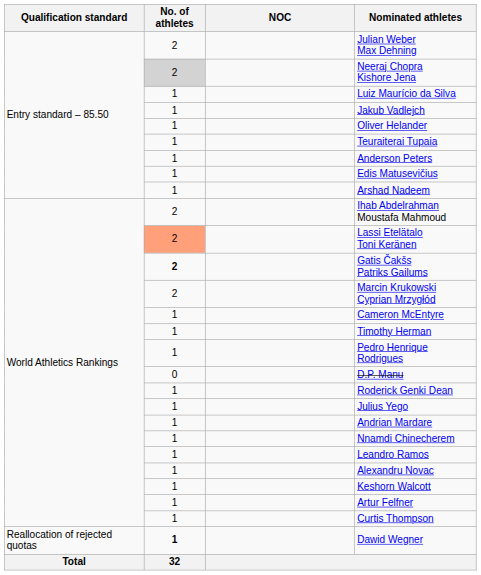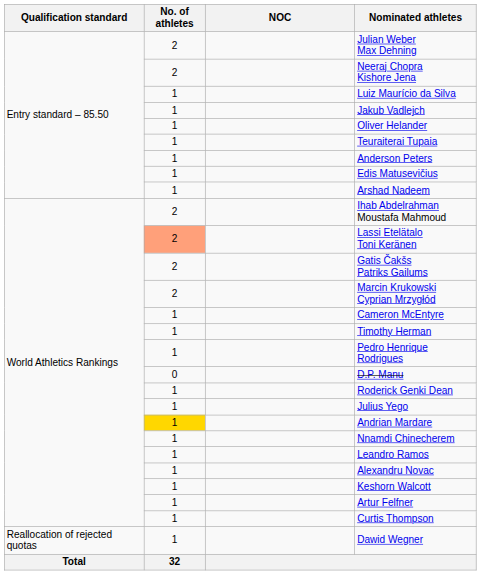 <table class="wikitable sortable" style="text-align:left; width:750px;">
 <tr>
 <th>Qualification standard</th>
 <th width=90>No. of athletes</th>
 <th width=230>NOC</th>
 <th>Nominated athletes</th>
 </tr>
 <tr>
 <td rowspan=9>Entry standard – 85.50</td>
 <td align=center>2</td>
 <td></td>
 <td><a href='#'>Julian Weber</a><br><a href='#'>Max Dehning</a></td>
 </tr>
 <tr>
-<td align=center style="background: lightgrey;">2</td>
+<td align=center>2</td>
 <td></td>
 <td><a href='#'>Neeraj Chopra</a><br><a href='#'>Kishore Jena</a></td>
 </tr>
 <tr>
 <td align=center>1</td>
 <td></td>
 <td><a href='#'>Luiz Maurício da Silva</a></td>
 </tr>
 <tr>
 <td align=center>1</td>
 <td></td>
 <td><a href='#'>Jakub Vadlejch</a></td>
 </tr>
 <tr>
 <td align=center>1</td>
 <td></td>
 <td><a href='#'>Oliver Helander</a></td>
 </tr>
 <tr>
 <td align=center>1</td>
 <td></td>
 <td><a href='#'>Teuraiterai Tupaia</a></td>
 </tr>
 <tr>
 <td align=center>1</td>
 <td></td>
 <td><a href='#'>Anderson Peters</a></td>
 </tr>
 <tr>
 <td align=center>1</td>
 <td></td>
 <td><a href='#'>Edis Matusevičius</a></td>
 </tr>
 <tr>
 <td align=center>1</td>
 <td></td>
 <td><a href='#'>Arshad Nadeem</a></td>
 </tr>
 <tr>
 <td rowspan=17>World Athletics Rankings</td>
 <td align=center>2</td>
 <td></td>
 <td><a href='#'>Ihab Abdelrahman</a><br>Moustafa Mahmoud</td>
 </tr>
 <tr>
 <td align=center style="background: lightsalmon;">2</td>
 <td></td>
 <td><a href='#'>Lassi Etelätalo</a><br><a href='#'>Toni Keränen</a></td>
 </tr>
 <tr>
-<td align=center><strong>2</strong></td>
+<td align=center>2</td>
 <td></td>
 <td><a href='#'>Gatis Čakšs</a><br><a href='#'>Patriks Gailums</a></td>
 </tr>
 <tr>
 <td align=center>2</td>
 <td></td>
 <td><a href='#'>Marcin Krukowski</a><br><a href='#'>Cyprian Mrzygłód</a></td>
 </tr>
 <tr>
 <td align=center>1</td>
 <td></td>
 <td><a href='#'>Cameron McEntyre</a></td>
 </tr>
 <tr>
 <td align=center>1</td>
 <td></td>
 <td><a href='#'>Timothy Herman</a></td>
 </tr>
 <tr>
 <td align=center>1</td>
 <td></td>
 <td><a href='#'>Pedro Henrique Rodrigues</a></td>
 </tr>
 <tr>
 <td align=center>0</td>
 <td><s></s></td>
 <td><s><a href='#'>D.P. Manu</a></s></td>
 </tr>
 <tr>
 <td align=center>1</td>
 <td></td>
 <td><a href='#'>Roderick Genki Dean</a></td>
 </tr>
 <tr>
 <td align=center>1</td>
 <td></td>
 <td><a href='#'>Julius Yego</a></td>
 </tr>
 <tr>
-<td align=center>1</td>
+<td align=center style="background: gold;">1</td>
 <td></td>
 <td><a href='#'>Andrian Mardare</a></td>
 </tr>
 <tr>
 <td align=center>1</td>
 <td></td>
 <td><a href='#'>Nnamdi Chinecherem</a></td>
 </tr>
 <tr>
 <td align=center>1</td>
 <td></td>
 <td><a href='#'>Leandro Ramos</a></td>
 </tr>
 <tr>
 <td align=center>1</td>
 <td></td>
 <td><a href='#'>Alexandru Novac</a></td>
 </tr>
 <tr>
 <td align=center>1</td>
 <td></td>
 <td><a href='#'>Keshorn Walcott</a></td>
 </tr>
 <tr>
 <td align=center>1</td>
 <td></td>
 <td><a href='#'>Artur Felfner</a></td>
 </tr>
 <tr>
 <td align=center>1</td>
 <td></td>
 <td><a href='#'>Curtis Thompson</a></td>
 </tr>
 <tr>
 <td>Reallocation of rejected quotas</td>
-<td align=center><strong>1</strong></td>
+<td align=center>1</td>
 <td></td>
 <td><a href='#'>Dawid Wegner</a></td>
 </tr>
 <tr>
 <th>Total</th>
 <th>32</th>
 <th colspan=2></th>
 </tr>
 </table>
